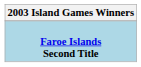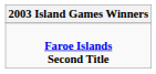 <table class="wikitable" style="text-align: center; margin: 0 auto;">
 <tr>
 <th>2003 Island Games Winners</th>
 </tr>
 <tr>
 </tr>
 <tr>
-<td style="background: lightblue;"><br><strong><a href='#'>Faroe Islands</a></strong><br><strong>Second Title</strong></td>
+<td><br><strong><a href='#'>Faroe Islands</a></strong><br><strong>Second Title</strong></td>
 </tr>
 </table>
